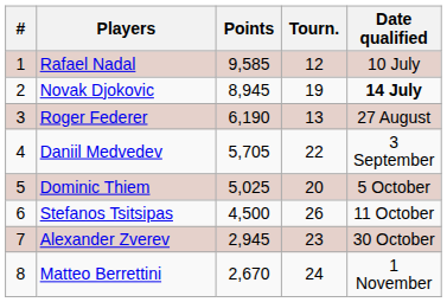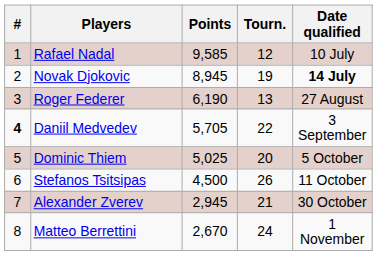 <table class="sortable wikitable nowrap" align=right style=text-align:center;font-size:90%;text:justify>
 <tr>
 <th width=20>#</th>
 <th width=150>Players</th>
 <th width=50>Points</th>
 <th width=50>Tourn.</th>
 <th width=75>Date qualified</th>
 </tr>
 <tr align=center bgcolor=e5d1cb>
 <td>1</td>
 <td align=left> <a href='#'>Rafael Nadal</a></td>
 <td>9,585</td>
 <td>12</td>
 <td>10 July</td>
 </tr>
 <tr>
 <td>2</td>
 <td align=left> <a href='#'>Novak Djokovic</a></td>
 <td>8,945</td>
 <td>19</td>
 <td><strong>14 July</strong></td>
 </tr>
 <tr align=center bgcolor=e5d1cb>
 <td>3</td>
 <td align=left> <a href='#'>Roger Federer</a></td>
 <td>6,190</td>
 <td>13</td>
 <td>27 August</td>
 </tr>
 <tr>
-<td>4</td>
+<td><strong>4</strong></td>
 <td align=left> <a href='#'>Daniil Medvedev</a></td>
 <td>5,705</td>
 <td>22</td>
 <td>3 September</td>
 </tr>
 <tr align=center bgcolor=e5d1cb>
 <td>5</td>
 <td align=left> <a href='#'>Dominic Thiem</a></td>
 <td>5,025</td>
 <td>20</td>
 <td>5 October</td>
 </tr>
 <tr>
 <td>6</td>
 <td align=left> <a href='#'>Stefanos Tsitsipas</a></td>
 <td>4,500</td>
 <td>26</td>
 <td>11 October</td>
 </tr>
 <tr align=center bgcolor=e5d1cb>
 <td>7</td>
 <td align=left> <a href='#'>Alexander Zverev</a></td>
 <td>2,945</td>
-<td>23</td>
+<td>21</td>
 <td>30 October</td>
 </tr>
 <tr>
 <td>8</td>
 <td align=left> <a href='#'>Matteo Berrettini</a></td>
 <td>2,670</td>
 <td>24</td>
 <td>1 November</td>
 </tr>
 </table>
